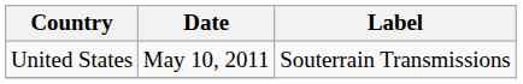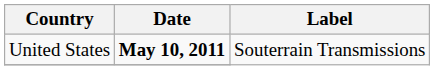 <table class="wikitable">
 <tr>
 <th align="center">Country</th>
 <th align="center">Date</th>
 <th align="center">Label</th>
 </tr>
 <tr>
 <td align="left">United States</td>
-<td align="left">May 10, 2011</td>
+<td align="left"><strong>May 10, 2011</strong></td>
 <td align="left" rowspan="3">Souterrain Transmissions</td>
 </tr>
 <tr>
 </tr>
 </table>
